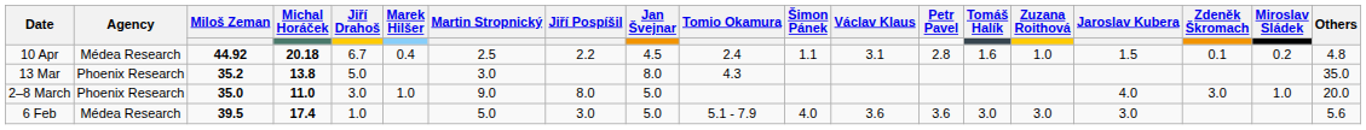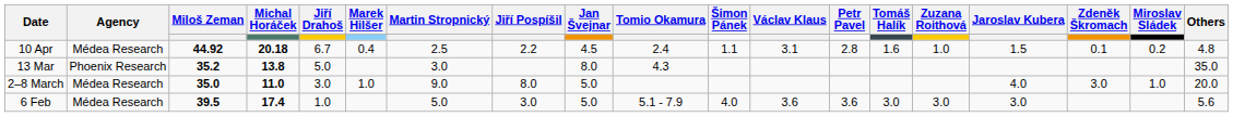 <table class="wikitable collapsible collapsed" style=text-align:center;font-size:85%;line-height:14px;">
 <tr>
 <th rowspan="2">Date</th>
 <th rowspan="2">Agency</th>
 <th><a href='#'>Miloš Zeman</a></th>
 <th><a href='#'>Michal Horáček</a></th>
 <th><a href='#'>Jiří Drahoš</a></th>
 <th><a href='#'>Marek Hilšer</a></th>
 <th><a href='#'>Martin Stropnický</a></th>
 <th><a href='#'>Jiří Pospíšil</a></th>
 <th><a href='#'>Jan Švejnar</a></th>
 <th><a href='#'>Tomio Okamura</a></th>
 <th><a href='#'>Šimon Pánek</a></th>
 <th><a href='#'>Václav Klaus</a></th>
 <th><a href='#'>Petr Pavel</a></th>
 <th><a href='#'>Tomáš Halík</a></th>
 <th><a href='#'>Zuzana Roithová</a></th>
 <th><a href='#'>Jaroslav Kubera</a></th>
 <th><a href='#'>Zdeněk Škromach</a></th>
 <th><a href='#'>Miroslav Sládek</a></th>
 <th rowspan="2">Others</th>
 </tr>
 <tr>
 <th style="background:"></th>
 <th style="background:#49796B; width:40px;"></th>
 <th style="background:#FFCB03; width:40px;"></th>
 <th style="background:#87CEFA; width:40px;"></th>
 <th style="background:"></th>
 <th style="background:"></th>
 <th style="background:#F29400; width:40px;"></th>
 <th style="background:"></th>
 <th style="background:#0000; width:40px;"></th>
 <th style="background:"></th>
 <th style="background:#0000; width:40px;"></th>
 <th style="background:#36454F; width:40px;"></th>
 <th style="background:#FFCB03; width:40px;"></th>
 <th style="background:"></th>
 <th style="background:#F29400; width:40px;"></th>
 <th style="background:#000000; width:40px;"></th>
 </tr>
 <tr>
 <td>10 Apr</td>
 <td>Médea Research</td>
 <td><strong>44.92</strong></td>
 <td><strong>20.18</strong></td>
 <td>6.7</td>
 <td>0.4</td>
 <td>2.5</td>
 <td>2.2</td>
 <td>4.5</td>
 <td>2.4</td>
 <td>1.1</td>
 <td>3.1</td>
 <td>2.8</td>
 <td>1.6</td>
 <td>1.0</td>
 <td>1.5</td>
 <td>0.1</td>
 <td>0.2</td>
 <td>4.8</td>
 </tr>
 <tr>
 <td>13 Mar</td>
 <td>Phoenix Research</td>
 <td><strong>35.2</strong></td>
 <td><strong>13.8</strong></td>
 <td>5.0</td>
 <td></td>
 <td>3.0</td>
 <td></td>
 <td>8.0</td>
 <td>4.3</td>
 <td></td>
 <td></td>
 <td></td>
 <td></td>
 <td></td>
 <td></td>
 <td></td>
 <td></td>
 <td>35.0</td>
 </tr>
 <tr>
 <td>2–8 March</td>
-<td>Phoenix Research</td>
+<td>Médea Research</td>
 <td><strong>35.0</strong></td>
 <td><strong>11.0</strong></td>
 <td>3.0</td>
 <td>1.0</td>
 <td>9.0</td>
 <td>8.0</td>
 <td>5.0</td>
 <td></td>
 <td></td>
 <td></td>
 <td></td>
 <td></td>
 <td></td>
 <td>4.0</td>
 <td>3.0</td>
 <td>1.0</td>
 <td>20.0</td>
 </tr>
 <tr>
 <td>6 Feb</td>
 <td>Médea Research</td>
 <td><strong>39.5</strong></td>
 <td><strong>17.4</strong></td>
 <td>1.0</td>
 <td></td>
 <td>5.0</td>
 <td>3.0</td>
 <td>5.0</td>
 <td>5.1 - 7.9</td>
 <td>4.0</td>
 <td>3.6</td>
 <td>3.6</td>
 <td>3.0</td>
 <td>3.0</td>
 <td>3.0</td>
 <td></td>
 <td></td>
 <td>5.6</td>
 </tr>
 </table>
